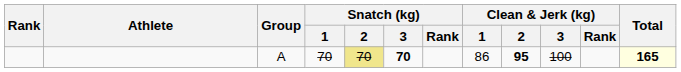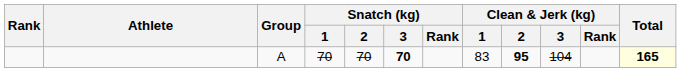 <table class = "wikitable" style="text-align:center;">
 <tr>
 <th rowspan=2 width=40>Rank</th>
 <th rowspan=2 width=250>Athlete</th>
 <th rowspan=2 width=50>Group</th>
 <th colspan=4>Snatch (kg)</th>
 <th colspan=4>Clean & Jerk (kg)</th>
 <th rowspan=2 width=60>Total</th>
 </tr>
 <tr>
 <th width=40>1</th>
 <th width=40>2</th>
 <th width=40>3</th>
 <th width=40>Rank</th>
 <th width=40>1</th>
 <th width=40>2</th>
 <th width=40>3</th>
 <th width=40>Rank</th>
 </tr>
 <tr>
 <td></td>
 <td align=left></td>
 <td>A</td>
 <td><s>70</s></td>
-<td style="background: khaki;"><s>70</s></td>
+<td><s>70</s></td>
 <td><strong>70</strong></td>
 <td></td>
-<td>86</td>
+<td>83</td>
 <td><strong>95</strong></td>
-<td><s>100</s></td>
+<td><s>104</s></td>
 <td></td>
 <td style="background: lightyellow;"><strong>165</strong></td>
 </tr>
 </table>
